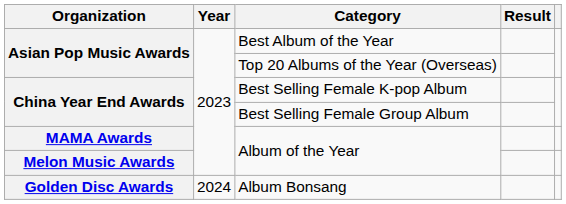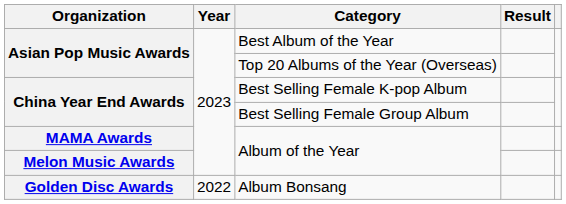 <table class="wikitable plainrowheaders sortable">
 <tr>
 <th>Organization</th>
 <th scope="col">Year</th>
 <th scope="col">Category</th>
 <th scope="col">Result</th>
 <th class="unsortable"></th>
 </tr>
 <tr>
 <th scope="row" rowspan="2">Asian Pop Music Awards</th>
 <td rowspan="6" style="text-align:center">2023</td>
 <td>Best Album of the Year</td>
 <td></td>
 <td rowspan="2" style="text-align:center"></td>
 </tr>
 <tr>
 <td>Top 20 Albums of the Year (Overseas)</td>
 <td></td>
 </tr>
 <tr>
 <th scope="row" rowspan="2">China Year End Awards</th>
 <td>Best Selling Female K-pop Album</td>
 <td></td>
 <td rowspan="2" style="text-align:center"></td>
 </tr>
 <tr>
 <td>Best Selling Female Group Album</td>
 <td></td>
 </tr>
 <tr>
 <th scope="row"><a href='#'>MAMA Awards</a></th>
 <td rowspan="2">Album of the Year</td>
 <td></td>
 <td style="text-align:center"></td>
 </tr>
 <tr>
 <th scope="row"><a href='#'>Melon Music Awards</a></th>
 <td></td>
 <td style="text-align:center"></td>
 </tr>
 <tr>
 <th scope="row"><a href='#'>Golden Disc Awards</a></th>
-<td>2024</td>
+<td>2022</td>
 <td>Album Bonsang</td>
 <td></td>
 <td style="text-align:center"></td>
 </tr>
 </table>
